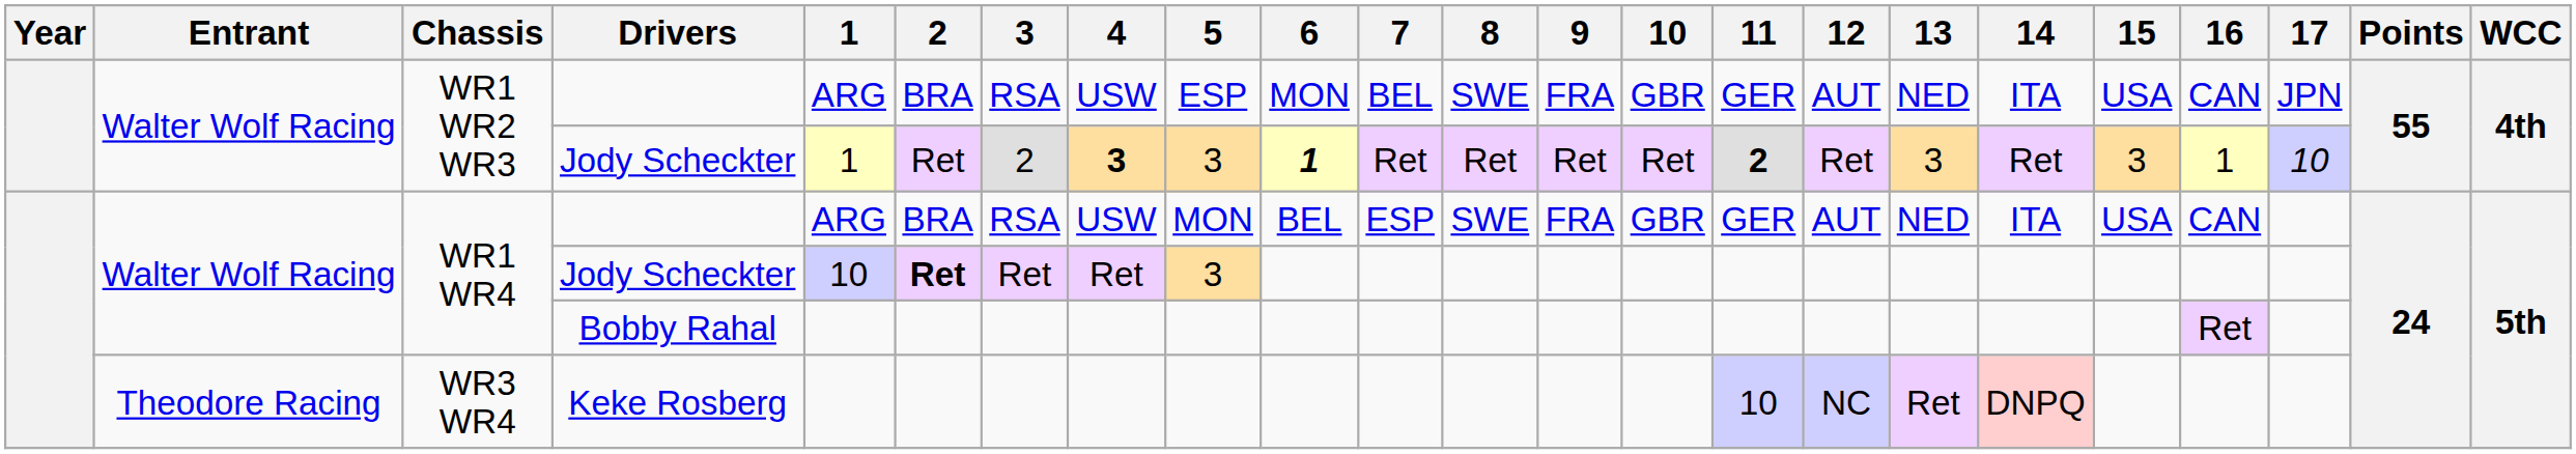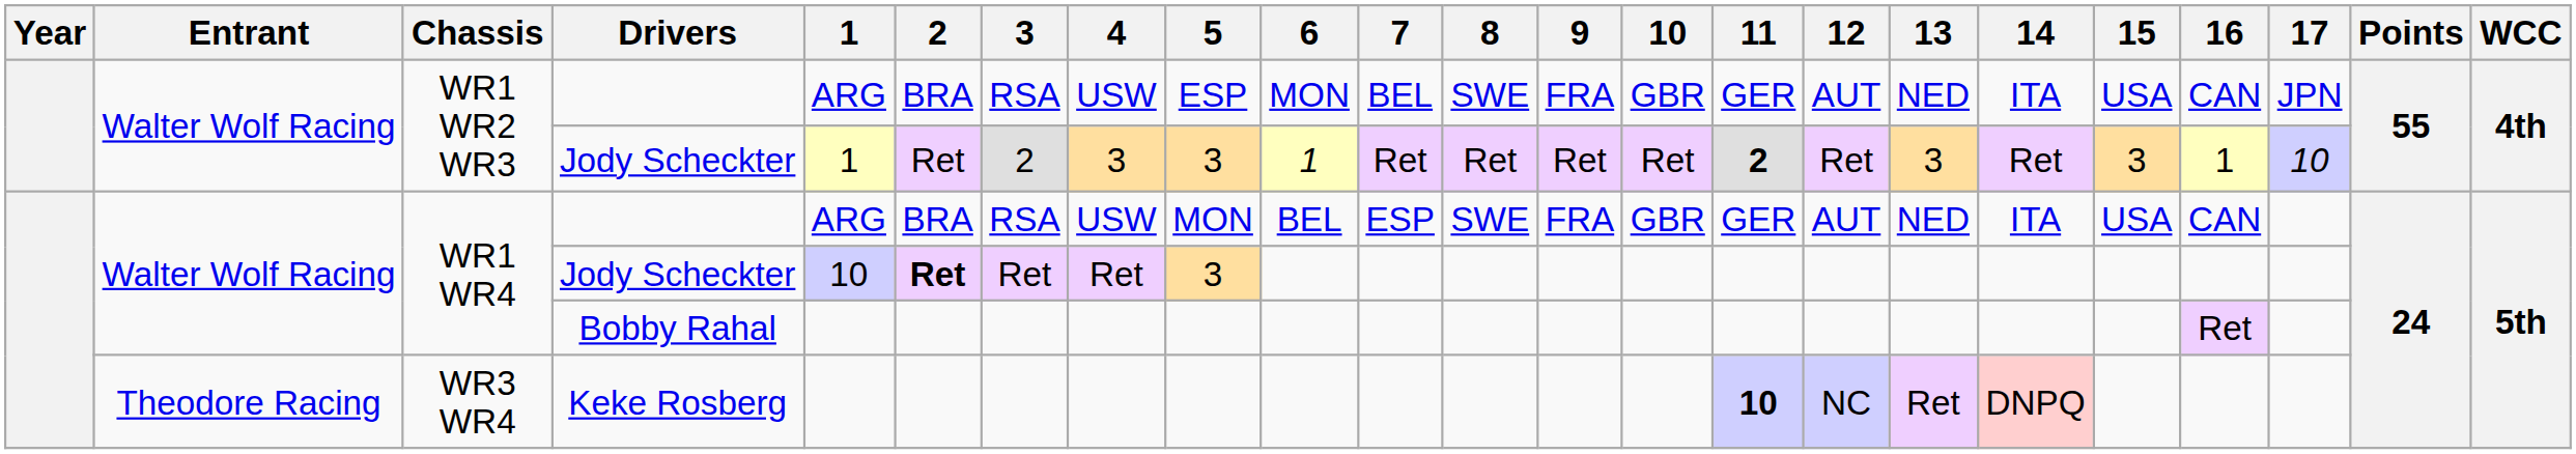 <table class="wikitable" style="text-align:center; font-size:95%">
 <tr>
 <th>Year</th>
 <th>Entrant</th>
 <th>Chassis</th>
 <th>Drivers</th>
 <th>1</th>
 <th>2</th>
 <th>3</th>
 <th>4</th>
 <th>5</th>
 <th>6</th>
 <th>7</th>
 <th>8</th>
 <th>9</th>
 <th>10</th>
 <th>11</th>
 <th>12</th>
 <th>13</th>
 <th>14</th>
 <th>15</th>
 <th>16</th>
 <th>17</th>
 <th>Points</th>
 <th>WCC</th>
 </tr>
 <tr>
 <th rowspan="2"></th>
 <td rowspan="2"><a href='#'>Walter Wolf Racing</a></td>
 <td rowspan="2">WR1<br>WR2<br>WR3</td>
 <td></td>
 <td><a href='#'>ARG</a></td>
 <td><a href='#'>BRA</a></td>
 <td><a href='#'>RSA</a></td>
 <td><a href='#'>USW</a></td>
 <td><a href='#'>ESP</a></td>
 <td><a href='#'>MON</a></td>
 <td><a href='#'>BEL</a></td>
 <td><a href='#'>SWE</a></td>
 <td><a href='#'>FRA</a></td>
 <td><a href='#'>GBR</a></td>
 <td><a href='#'>GER</a></td>
 <td><a href='#'>AUT</a></td>
 <td><a href='#'>NED</a></td>
 <td><a href='#'>ITA</a></td>
 <td><a href='#'>USA</a></td>
 <td><a href='#'>CAN</a></td>
 <td><a href='#'>JPN</a></td>
 <th rowspan="2">55</th>
 <th rowspan="2">4th</th>
 </tr>
 <tr>
 <td><a href='#'>Jody Scheckter</a></td>
 <td style="background:#FFFFBF;">1</td>
 <td style="background:#EFCFFF;">Ret</td>
 <td style="background:#DFDFDF;">2</td>
-<td style="background:#FFDF9F;"><strong>3</strong></td>
 <td style="background:#FFDF9F;">3</td>
-<td style="background:#FFFFBF;"><strong><em>1</em></strong></td>
+<td style="background:#FFDF9F;">3</td>
+<td style="background:#FFFFBF;"><em>1</em></td>
 <td style="background:#EFCFFF;">Ret</td>
 <td style="background:#EFCFFF;">Ret</td>
 <td style="background:#EFCFFF;">Ret</td>
 <td style="background:#EFCFFF;">Ret</td>
 <td style="background:#DFDFDF;"><strong>2</strong></td>
 <td style="background:#EFCFFF;">Ret</td>
 <td style="background:#FFDF9F;">3</td>
 <td style="background:#EFCFFF;">Ret</td>
 <td style="background:#FFDF9F;">3</td>
 <td style="background:#FFFFBF;">1</td>
 <td style="background:#CFCFFF;"><em>10</em></td>
 </tr>
 <tr>
 <th rowspan="4"></th>
 <td rowspan="3"><a href='#'>Walter Wolf Racing</a></td>
 <td rowspan="3">WR1<br>WR4</td>
 <td></td>
 <td><a href='#'>ARG</a></td>
 <td><a href='#'>BRA</a></td>
 <td><a href='#'>RSA</a></td>
 <td><a href='#'>USW</a></td>
 <td><a href='#'>MON</a></td>
 <td><a href='#'>BEL</a></td>
 <td><a href='#'>ESP</a></td>
 <td><a href='#'>SWE</a></td>
 <td><a href='#'>FRA</a></td>
 <td><a href='#'>GBR</a></td>
 <td><a href='#'>GER</a></td>
 <td><a href='#'>AUT</a></td>
 <td><a href='#'>NED</a></td>
 <td><a href='#'>ITA</a></td>
 <td><a href='#'>USA</a></td>
 <td><a href='#'>CAN</a></td>
 <td></td>
 <th rowspan="4">24</th>
 <th rowspan="4">5th</th>
 </tr>
 <tr>
 <td><a href='#'>Jody Scheckter</a></td>
 <td style="background:#CFCFFF;">10</td>
 <td style="background:#EFCFFF;"><strong>Ret</strong></td>
 <td style="background:#EFCFFF;">Ret</td>
 <td style="background:#EFCFFF;">Ret</td>
 <td style="background:#FFDF9F;">3</td>
 <td></td>
 <td></td>
 <td></td>
 <td></td>
 <td></td>
 <td></td>
 <td></td>
 <td></td>
 <td></td>
 <td></td>
 <td></td>
 <td></td>
 </tr>
 <tr>
 <td><a href='#'>Bobby Rahal</a></td>
 <td></td>
 <td></td>
 <td></td>
 <td></td>
 <td></td>
 <td></td>
 <td></td>
 <td></td>
 <td></td>
 <td></td>
 <td></td>
 <td></td>
 <td></td>
 <td></td>
 <td></td>
 <td style="background:#EFCFFF;">Ret</td>
 <td></td>
 </tr>
 <tr>
 <td rowspan="1"><a href='#'>Theodore Racing</a></td>
 <td rowspan="1">WR3<br>WR4</td>
 <td><a href='#'>Keke Rosberg</a></td>
 <td></td>
 <td></td>
 <td></td>
 <td></td>
 <td></td>
 <td></td>
 <td></td>
 <td></td>
 <td></td>
 <td></td>
-<td style="background:#CFCFFF;">10</td>
+<td style="background:#CFCFFF;"><strong>10</strong></td>
 <td style="background:#CFCFFF;">NC</td>
 <td style="background:#EFCFFF;">Ret</td>
 <td style="background:#FFCFCF;">DNPQ</td>
 <td></td>
 <td></td>
 <td></td>
 </tr>
 </table>
